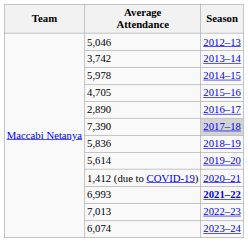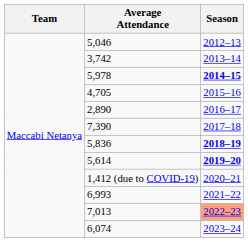 <table class="wikitable sortable">
 <tr>
 <th>Team</th>
 <th>Average<br>Attendance</th>
 <th>Season</th>
 </tr>
 <tr>
 <td rowspan="12" valign="center"><a href='#'>Maccabi Netanya</a></td>
 <td>5,046</td>
 <td><a href='#'>2012–13</a></td>
 </tr>
 <tr>
 <td>3,742</td>
 <td><a href='#'>2013–14</a></td>
 </tr>
 <tr>
 <td>5,978</td>
-<td><a href='#'>2014–15</a></td>
+<td><strong><a href='#'>2014–15</a></strong></td>
 </tr>
 <tr>
 <td>4,705</td>
 <td><a href='#'>2015–16</a></td>
 </tr>
 <tr>
 <td>2,890</td>
 <td><a href='#'>2016–17</a></td>
 </tr>
 <tr>
 <td>7,390</td>
-<td style="background: lightgrey;"><a href='#'>2017–18</a></td>
+<td><a href='#'>2017–18</a></td>
 </tr>
 <tr>
 <td>5,836</td>
-<td><a href='#'>2018–19</a></td>
+<td><strong><a href='#'>2018–19</a></strong></td>
 </tr>
 <tr>
 <td>5,614</td>
-<td><a href='#'>2019–20</a></td>
+<td><strong><a href='#'>2019–20</a></strong></td>
 </tr>
 <tr>
 <td>1,412 (due to <a href='#'>COVID-19</a>) </td>
 <td><a href='#'>2020–21</a></td>
 </tr>
 <tr>
 <td>6,993</td>
-<td><strong><a href='#'>2021–22</a></strong></td>
+<td><a href='#'>2021–22</a></td>
 </tr>
 <tr>
 <td>7,013</td>
-<td><a href='#'>2022–23</a></td>
+<td style="background: lightsalmon;"><a href='#'>2022–23</a></td>
 </tr>
 <tr>
 <td>6,074</td>
 <td><a href='#'>2023–24</a></td>
 </tr>
 </table>
